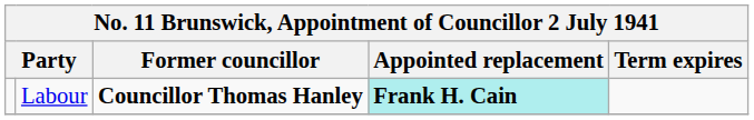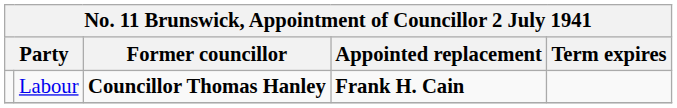 <table class="wikitable">
 <tr>
 <th colspan="5"><strong>No. 11 Brunswick, Appointment of Councillor 2 July 1941</strong></th>
 </tr>
 <tr>
 <th colspan="2">Party</th>
 <th>Former councillor</th>
 <th>Appointed replacement</th>
 <th>Term expires</th>
 </tr>
 <tr>
 <td style="background-color:"></td>
 <td><a href='#'>Labour</a></td>
 <td><strong>Councillor Thomas Hanley</strong></td>
-<td style="background: paleturquoise;"><strong>Frank H. Cain</strong></td>
+<td><strong>Frank H. Cain</strong></td>
 <td></td>
 </tr>
 <tr>
 </tr>
 </table>
